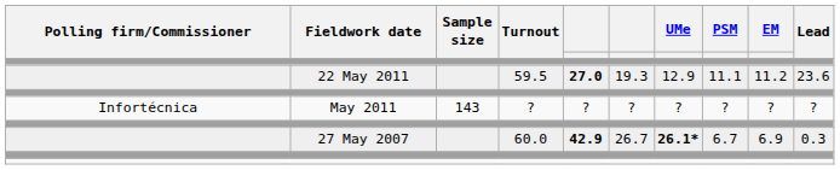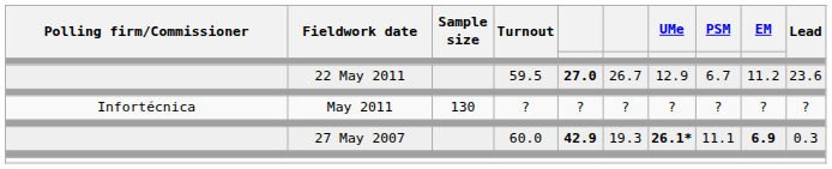 <table class="wikitable collapsible collapsed" style="text-align:center; font-size:95%; line-height:16px;">
 <tr style="height:42px;">
 <th style="width:250px;" rowspan="2">Polling firm/Commissioner</th>
 <th style="width:125px;" rowspan="2">Fieldwork date</th>
 <th style="width:50px;" rowspan="2">Sample size</th>
 <th style="width:45px;" rowspan="2">Turnout</th>
 <th style="width:35px;"></th>
 <th style="width:35px;"></th>
 <th style="width:35px;"><a href='#'>UMe</a></th>
 <th style="width:35px;"><a href='#'>PSM</a></th>
 <th style="width:35px;"><a href='#'>EM</a></th>
 <th style="width:30px;" rowspan="2">Lead</th>
 </tr>
 <tr>
 <th style="color:inherit;background:"></th>
 <th style="color:inherit;background:"></th>
 <th style="color:inherit;background:"></th>
 <th style="color:inherit;background:"></th>
 <th style="color:inherit;background:"></th>
 </tr>
 <tr>
 <td colspan="10" style="background:#A0A0A0"></td>
 </tr>
 <tr style="background:#EFEFEF;">
 <td><strong></strong></td>
 <td>22 May 2011</td>
 <td></td>
 <td>59.5</td>
 <td><strong>27.0</strong><br></td>
-<td>19.3<br></td>
+<td>26.7<br></td>
 <td>12.9<br></td>
-<td>11.1<br></td>
+<td>6.7<br></td>
 <td>11.2<br></td>
 <td style="background:">23.6</td>
 </tr>
 <tr>
 <td colspan="10" style="background:#A0A0A0"></td>
 </tr>
 <tr>
 <td>Infortécnica</td>
 <td>May 2011</td>
-<td>143</td>
+<td>130</td>
 <td>?</td>
 <td>?<br></td>
 <td>?<br></td>
 <td>?<br></td>
 <td>?<br></td>
 <td>?<br></td>
 <td style="background:">?</td>
 </tr>
 <tr>
 <td colspan="10" style="background:#A0A0A0"></td>
 </tr>
 <tr style="background:#EFEFEF;">
 <td><strong></strong></td>
 <td>27 May 2007</td>
 <td></td>
 <td>60.0</td>
 <td><strong>42.9</strong><br></td>
-<td>26.7<br></td>
+<td>19.3<br></td>
 <td><strong>26.1*<br></strong></td>
-<td>6.7<br></td>
-<td>6.9<br></td>
+<td>11.1<br></td>
+<td><strong>6.9<br></strong></td>
 <td style="background:">0.3</td>
 </tr>
 <tr>
 <td colspan="10" style="background:#A0A0A0"></td>
 </tr>
 <tr>
 <td align="left" colspan="10"></td>
 </tr>
 </table>
